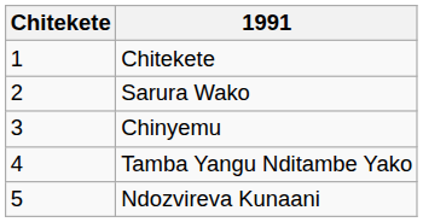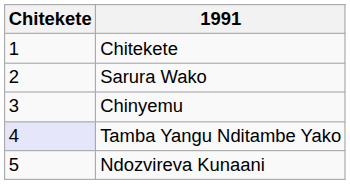 <table class="wikitable">
 <tr>
 <th>Chitekete</th>
 <th>1991</th>
 </tr>
 <tr>
 <td>1</td>
 <td>Chitekete</td>
 </tr>
 <tr>
 <td>2</td>
 <td>Sarura Wako</td>
 </tr>
 <tr>
 <td>3</td>
 <td>Chinyemu</td>
 </tr>
 <tr>
-<td>4</td>
+<td style="background: lavender;">4</td>
 <td>Tamba Yangu Nditambe Yako</td>
 </tr>
 <tr>
 <td>5</td>
 <td>Ndozvireva Kunaani</td>
 </tr>
 </table>
